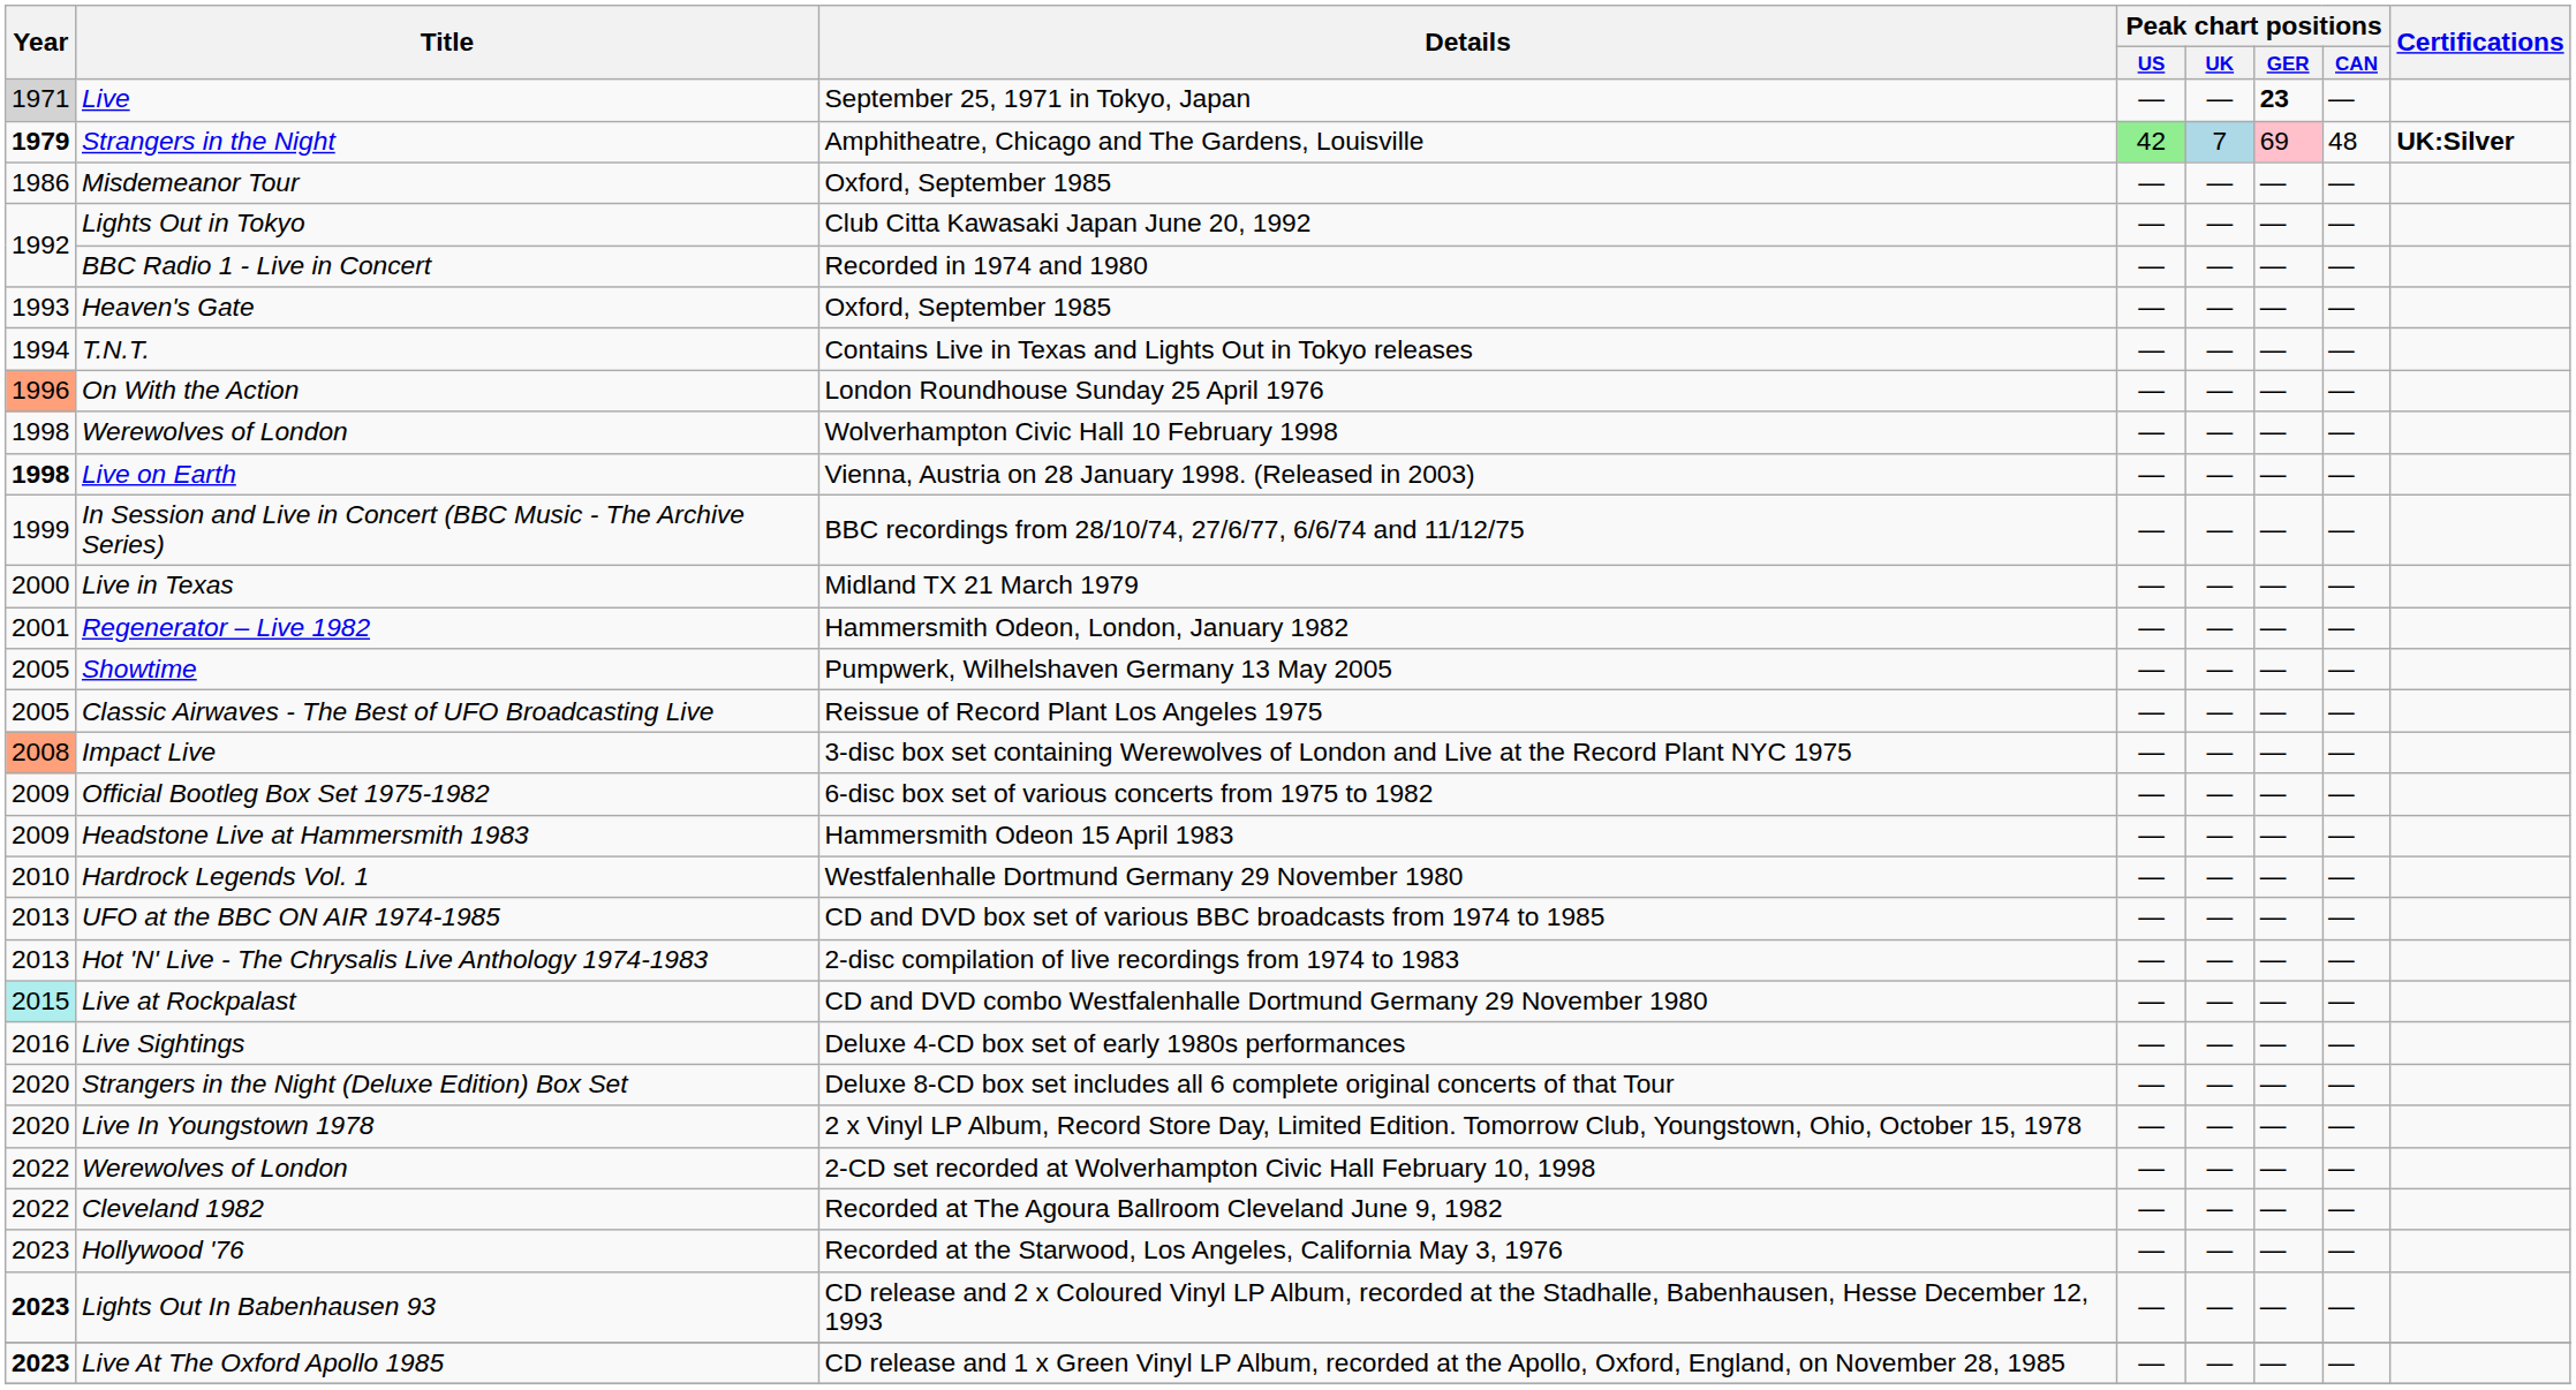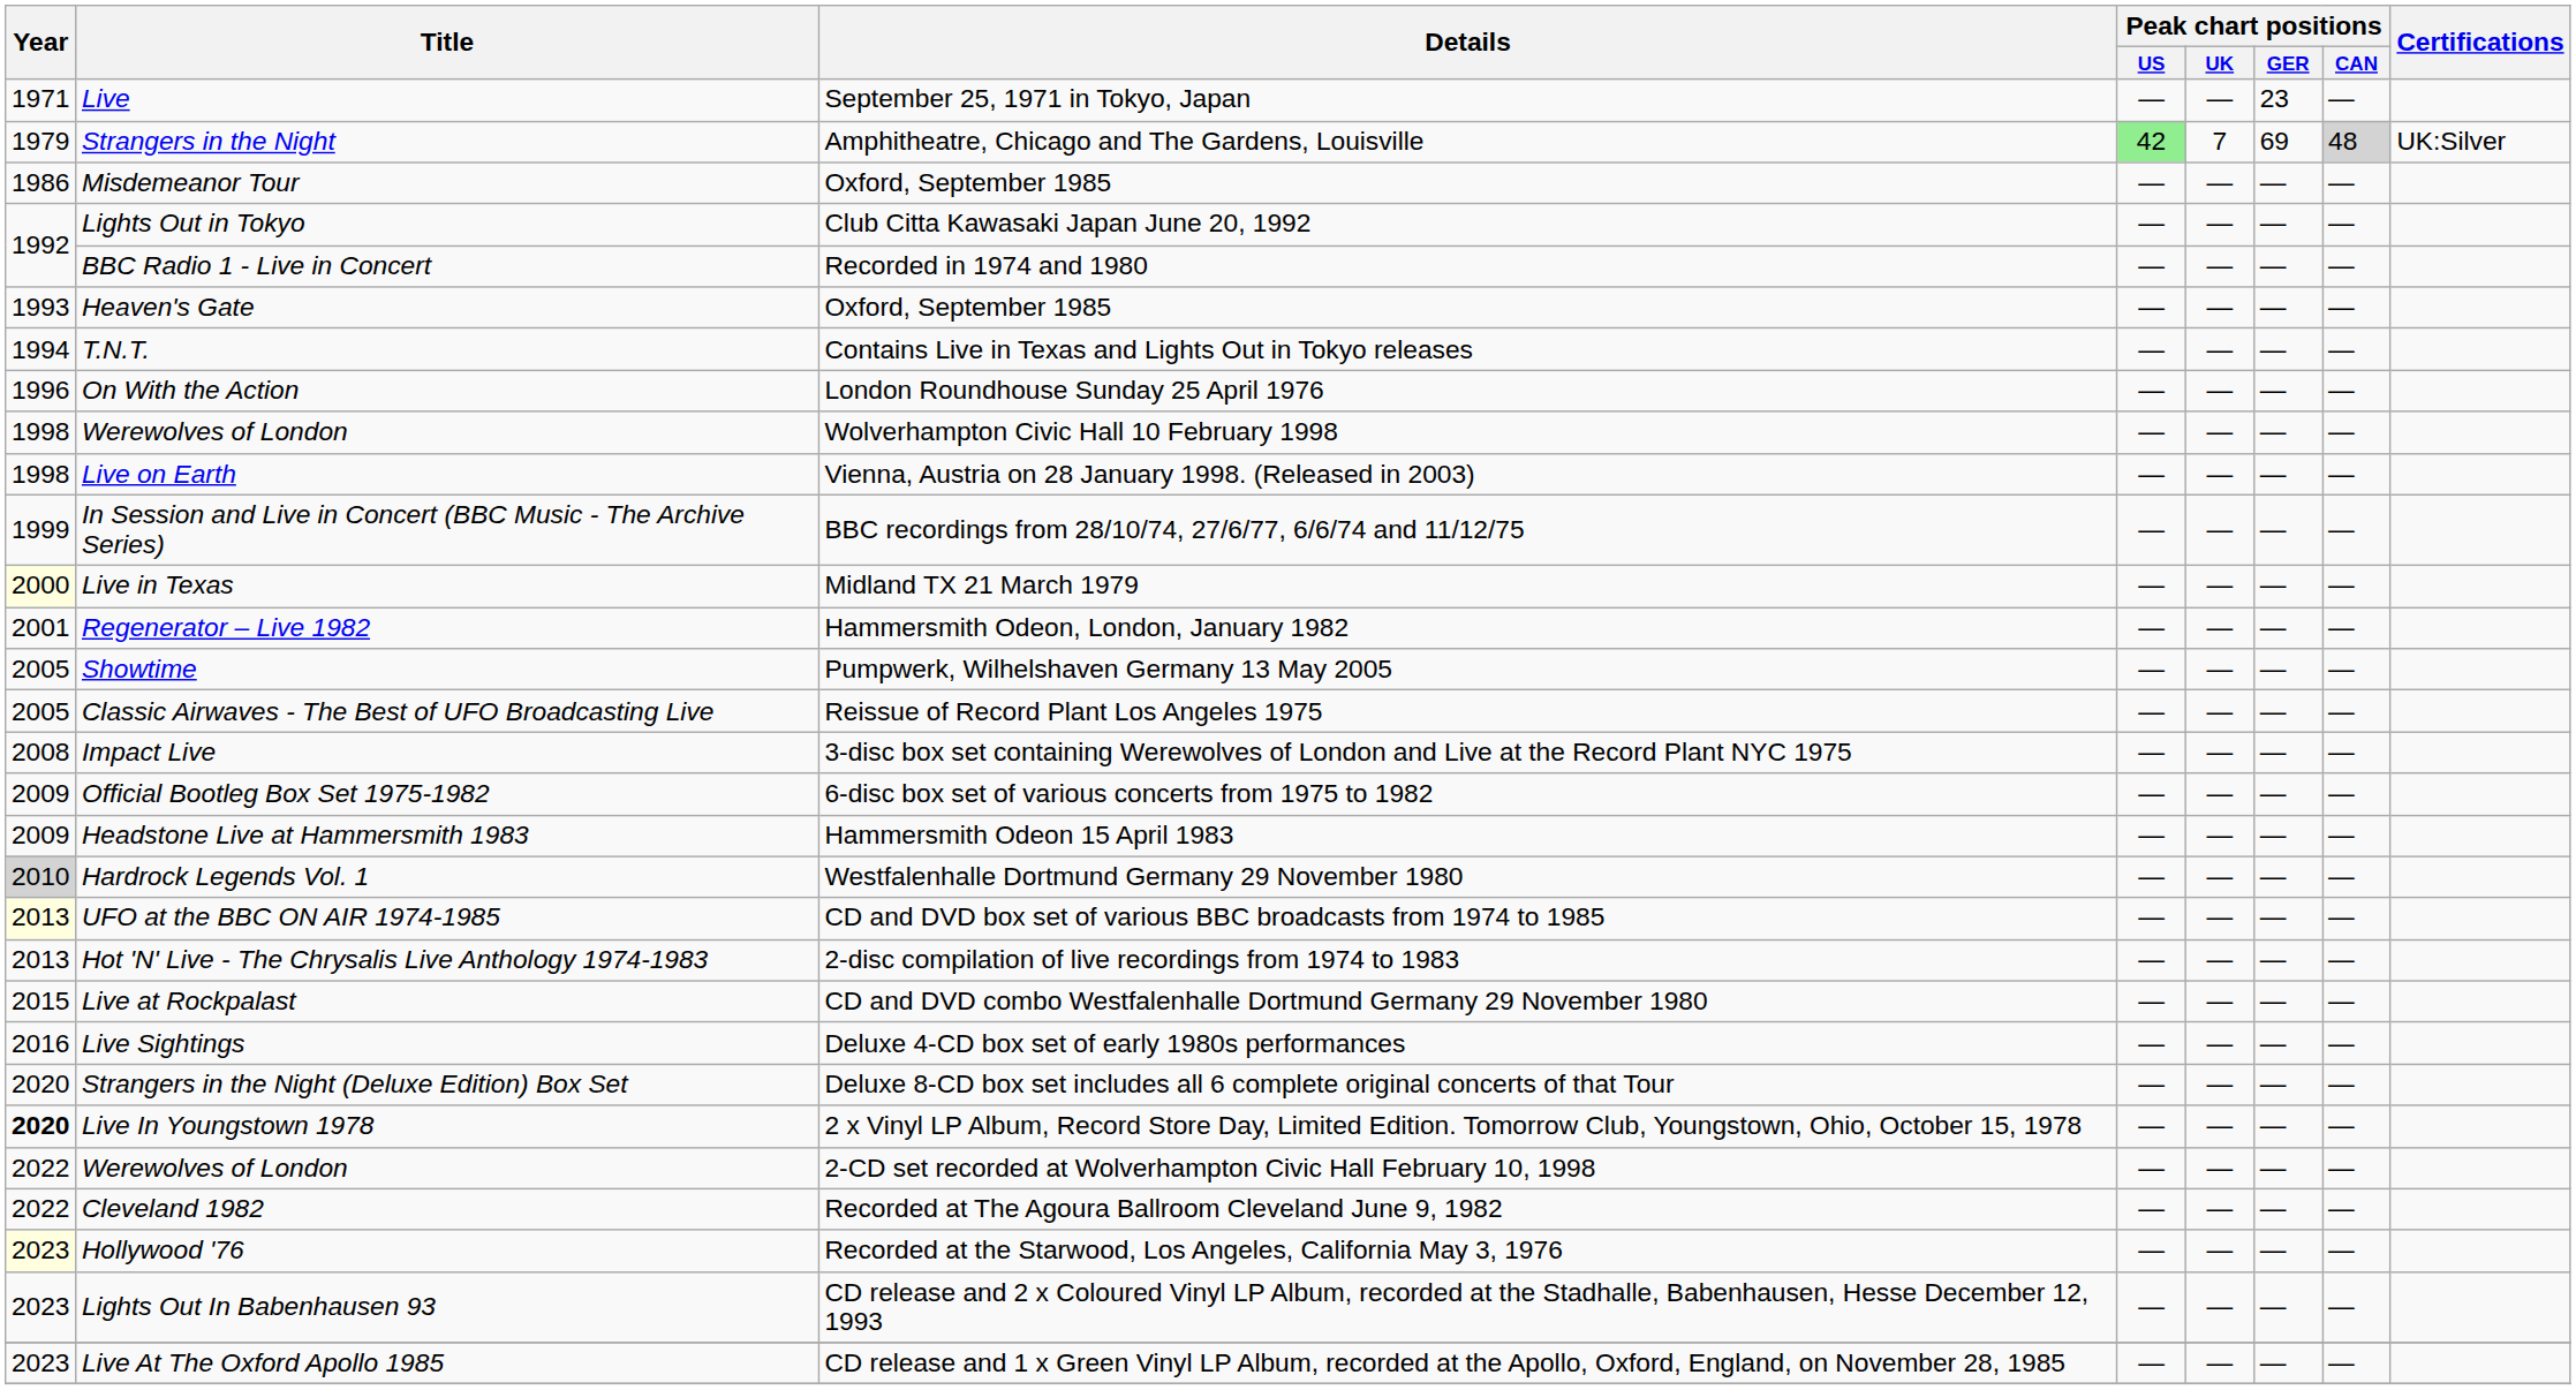 <table class ="wikitable">
 <tr>
 <th rowspan="2">Year</th>
 <th rowspan="2">Title</th>
 <th rowspan="2">Details</th>
 <th colspan="4">Peak chart positions</th>
 <th rowspan="2"><a href='#'>Certifications</a><br></th>
 </tr>
 <tr>
 <th style="width:3em;font-size:75%"><a href='#'>US</a><br></th>
 <th style="width:3em;font-size:75%"><a href='#'>UK</a><br></th>
 <th style="width:3em;font-size:75%"><a href='#'>GER</a><br></th>
 <th style="width:3em;font-size:75%"><a href='#'>CAN</a><br></th>
 </tr>
 <tr>
-<td style="background: lightgrey;">1971</td>
+<td>1971</td>
 <td><em><a href='#'>Live</a></em></td>
 <td>September 25, 1971 in Tokyo, Japan</td>
 <td align="center">—</td>
 <td align="center">—</td>
-<td><strong>23</strong></td>
+<td>23</td>
 <td>—</td>
 <td align="left"></td>
 </tr>
 <tr>
-<td><strong>1979</strong></td>
+<td>1979</td>
 <td><em><a href='#'>Strangers in the Night</a></em></td>
 <td>Amphitheatre, Chicago and The Gardens, Louisville</td>
 <td align="center" style="background: lightgreen;">42</td>
-<td align="center" style="background: lightblue;">7</td>
-<td style="background: pink;">69</td>
-<td>48</td>
-<td align="left"><strong>UK:Silver</strong></td>
+<td align="center">7</td>
+<td>69</td>
+<td style="background: lightgrey;">48</td>
+<td align="left">UK:Silver</td>
 </tr>
 <tr>
 <td>1986</td>
 <td><em>Misdemeanor Tour</em></td>
 <td>Oxford, September 1985</td>
 <td align="center">—</td>
 <td align="center">—</td>
 <td>—</td>
 <td>—</td>
 <td align="left"></td>
 </tr>
 <tr>
 <td rowspan="2">1992</td>
 <td><em>Lights Out in Tokyo</em></td>
 <td>Club Citta Kawasaki Japan June 20, 1992</td>
 <td align="center">—</td>
 <td align="center">—</td>
 <td>—</td>
 <td>—</td>
 <td align="left"></td>
 </tr>
 <tr>
 <td><em>BBC Radio 1 - Live in Concert</em></td>
 <td>Recorded in 1974 and 1980</td>
 <td align="center">—</td>
 <td align="center">—</td>
 <td>—</td>
 <td>—</td>
 <td align="left"></td>
 </tr>
 <tr>
 <td>1993</td>
 <td><em>Heaven's Gate</em></td>
 <td>Oxford, September 1985</td>
 <td align="center">—</td>
 <td align="center">—</td>
 <td>—</td>
 <td>—</td>
 <td align="left"></td>
 </tr>
 <tr>
 <td>1994</td>
 <td><em>T.N.T. </em></td>
 <td>Contains Live in Texas and Lights Out in Tokyo releases</td>
 <td align="center">—</td>
 <td align="center">—</td>
 <td>—</td>
 <td>—</td>
 <td align="left"></td>
 </tr>
 <tr>
-<td style="background: lightsalmon;">1996</td>
+<td>1996</td>
 <td><em>On With the Action</em></td>
 <td>London Roundhouse Sunday 25 April 1976</td>
 <td align="center">—</td>
 <td align="center">—</td>
 <td>—</td>
 <td>—</td>
 <td align="left"></td>
 </tr>
 <tr>
 <td>1998</td>
 <td><em>Werewolves of London</em></td>
 <td>Wolverhampton Civic Hall 10 February 1998</td>
 <td align="center">—</td>
 <td align="center">—</td>
 <td>—</td>
 <td>—</td>
 <td align="left"></td>
 </tr>
 <tr>
-<td><strong>1998</strong></td>
+<td>1998</td>
 <td><em><a href='#'>Live on Earth</a></em></td>
 <td>Vienna, Austria on 28 January 1998. (Released in 2003)</td>
 <td align="center">—</td>
 <td align="center">—</td>
 <td>—</td>
 <td>—</td>
 <td align="left"></td>
 </tr>
 <tr>
 <td>1999</td>
 <td><em>In Session and Live in Concert (BBC Music - The Archive Series)</em></td>
 <td>BBC recordings from 28/10/74, 27/6/77, 6/6/74 and 11/12/75</td>
 <td align="center">—</td>
 <td align="center">—</td>
 <td>—</td>
 <td>—</td>
 <td align="left"></td>
 </tr>
 <tr>
-<td>2000</td>
+<td style="background: lightyellow;">2000</td>
 <td><em>Live in Texas</em></td>
 <td>Midland TX 21 March 1979</td>
 <td align="center">—</td>
 <td align="center">—</td>
 <td>—</td>
 <td>—</td>
 <td align="left"></td>
 </tr>
 <tr>
 <td>2001</td>
 <td><em><a href='#'>Regenerator – Live 1982</a></em></td>
 <td>Hammersmith Odeon, London, January 1982</td>
 <td align="center">—</td>
 <td align="center">—</td>
 <td>—</td>
 <td>—</td>
 <td align="left"></td>
 </tr>
 <tr>
 <td>2005</td>
 <td><em><a href='#'>Showtime</a></em></td>
 <td>Pumpwerk, Wilhelshaven Germany 13 May 2005</td>
 <td align="center">—</td>
 <td align="center">—</td>
 <td>—</td>
 <td>—</td>
 <td align="left"></td>
 </tr>
 <tr>
 <td>2005</td>
 <td><em>Classic Airwaves - The Best of UFO Broadcasting Live</em></td>
 <td>Reissue of Record Plant Los Angeles 1975</td>
 <td align="center">—</td>
 <td align="center">—</td>
 <td>—</td>
 <td>—</td>
 <td align="left"></td>
 </tr>
 <tr>
-<td style="background: lightsalmon;">2008</td>
+<td>2008</td>
 <td><em>Impact Live</em></td>
 <td>3-disc box set containing Werewolves of London and Live at the Record Plant NYC 1975</td>
 <td align="center">—</td>
 <td align="center">—</td>
 <td>—</td>
 <td>—</td>
 <td align="left"></td>
 </tr>
 <tr>
 <td>2009</td>
 <td><em>Official Bootleg Box Set 1975-1982</em></td>
 <td>6-disc box set of various concerts from 1975 to 1982</td>
 <td align="center">—</td>
 <td align="center">—</td>
 <td>—</td>
 <td>—</td>
 <td align="left"></td>
 </tr>
 <tr>
 <td>2009</td>
 <td><em>Headstone Live at Hammersmith 1983</em></td>
 <td>Hammersmith Odeon 15 April 1983</td>
 <td align="center">—</td>
 <td align="center">—</td>
 <td>—</td>
 <td>—</td>
 <td align="left"></td>
 </tr>
 <tr>
-<td>2010</td>
+<td style="background: lightgrey;">2010</td>
 <td><em>Hardrock Legends Vol. 1</em></td>
 <td>Westfalenhalle Dortmund Germany 29 November 1980</td>
 <td align="center">—</td>
 <td align="center">—</td>
 <td>—</td>
 <td>—</td>
 <td align="left"></td>
 </tr>
 <tr>
-<td>2013</td>
+<td style="background: lightyellow;">2013</td>
 <td><em>UFO at the BBC ON AIR 1974-1985</em></td>
 <td>CD and DVD box set of various BBC broadcasts from 1974 to 1985</td>
 <td align="center">—</td>
 <td align="center">—</td>
 <td>—</td>
 <td>—</td>
 <td align="left"></td>
 </tr>
 <tr>
 <td>2013</td>
 <td><em>Hot 'N' Live - The Chrysalis Live Anthology 1974-1983</em></td>
 <td>2-disc compilation of live recordings from 1974 to 1983</td>
 <td align="center">—</td>
 <td align="center">—</td>
 <td>—</td>
 <td>—</td>
 <td align="left"></td>
 </tr>
 <tr>
-<td style="background: paleturquoise;">2015</td>
+<td>2015</td>
 <td><em>Live at Rockpalast</em></td>
 <td>CD and DVD combo Westfalenhalle Dortmund Germany 29 November 1980</td>
 <td align="center">—</td>
 <td align="center">—</td>
 <td>—</td>
 <td>—</td>
 <td align="left"></td>
 </tr>
 <tr>
 <td>2016</td>
 <td><em>Live Sightings</em></td>
 <td>Deluxe 4-CD box set of early 1980s performances</td>
 <td align="center">—</td>
 <td align="center">—</td>
 <td>—</td>
 <td>—</td>
 <td align="left"></td>
 </tr>
 <tr>
 <td>2020</td>
 <td><em>Strangers in the Night (Deluxe Edition) Box Set</em></td>
 <td>Deluxe 8-CD box set includes all 6 complete original concerts of that Tour</td>
 <td align="center">—</td>
 <td align="center">—</td>
 <td>—</td>
 <td>—</td>
 <td align="left"></td>
 </tr>
 <tr>
-<td>2020</td>
+<td><strong>2020</strong></td>
 <td><em>Live In Youngstown 1978</em></td>
 <td>2 x Vinyl LP Album, Record Store Day, Limited Edition. Tomorrow Club, Youngstown, Ohio, October 15, 1978</td>
 <td align="center">—</td>
 <td align="center">—</td>
 <td>—</td>
 <td>—</td>
 <td align="left"></td>
 </tr>
 <tr>
 <td>2022</td>
 <td><em>Werewolves of London</em></td>
 <td>2-CD set recorded at Wolverhampton Civic Hall February 10, 1998</td>
 <td align="center">—</td>
 <td align="center">—</td>
 <td>—</td>
 <td>—</td>
 <td align="left"></td>
 </tr>
 <tr>
 <td>2022</td>
 <td><em>Cleveland 1982</em></td>
 <td>Recorded at The Agoura Ballroom Cleveland June 9, 1982</td>
 <td align="center">—</td>
 <td align="center">—</td>
 <td>—</td>
 <td>—</td>
 <td align="left"></td>
 </tr>
 <tr>
-<td>2023</td>
+<td style="background: lightyellow;">2023</td>
 <td><em>Hollywood '76</em></td>
 <td>Recorded at the Starwood, Los Angeles, California May 3, 1976</td>
 <td align="center">—</td>
 <td align="center">—</td>
 <td>—</td>
 <td>—</td>
 <td align="left"></td>
 </tr>
 <tr>
-<td><strong>2023</strong></td>
+<td>2023</td>
 <td><em>Lights Out In Babenhausen 93</em></td>
 <td>CD release and 2 x Coloured Vinyl LP Album, recorded at the Stadhalle, Babenhausen, Hesse December 12, 1993</td>
 <td align="center">—</td>
 <td align="center">—</td>
 <td>—</td>
 <td>—</td>
 <td align="left"></td>
 </tr>
 <tr>
 </tr>
 <tr>
-<td><strong>2023</strong></td>
+<td>2023</td>
 <td><em>Live At The Oxford Apollo 1985</em></td>
 <td>CD release and 1 x Green Vinyl LP Album, recorded at the Apollo, Oxford, England, on November 28, 1985</td>
 <td align="center">—</td>
 <td align="center">—</td>
 <td>—</td>
 <td>—</td>
 <td align="left"></td>
 </tr>
 <tr>
 </tr>
 </table>
